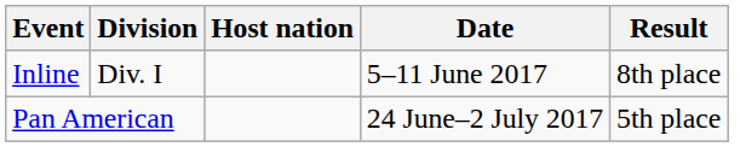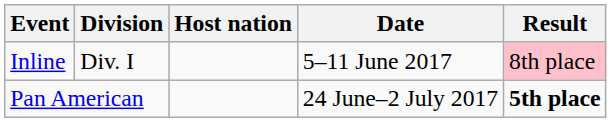 <table class="wikitable">
 <tr>
 <th>Event</th>
 <th>Division</th>
 <th>Host nation</th>
 <th>Date</th>
 <th>Result</th>
 </tr>
 <tr>
 <td><a href='#'>Inline</a></td>
 <td>Div. I</td>
 <td></td>
 <td>5–11 June 2017</td>
-<td>8th place<br></td>
+<td style="background: pink;">8th place<br></td>
 </tr>
 <tr>
 <td colspan=2><a href='#'>Pan American</a></td>
 <td></td>
 <td>24 June–2 July 2017</td>
-<td>5th place</td>
+<td><strong>5th place</strong></td>
 </tr>
 </table>
